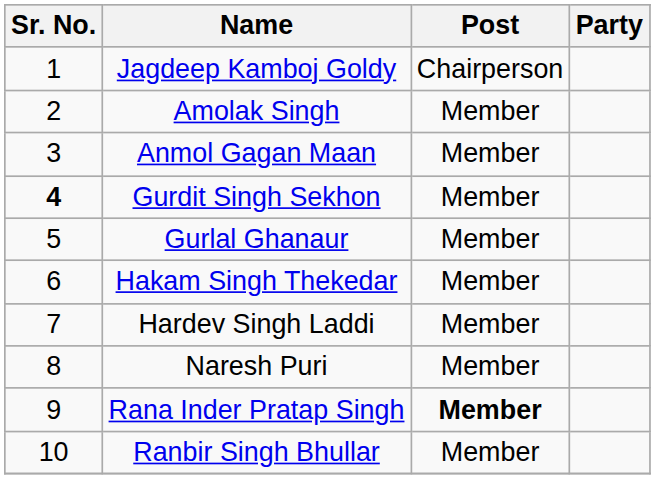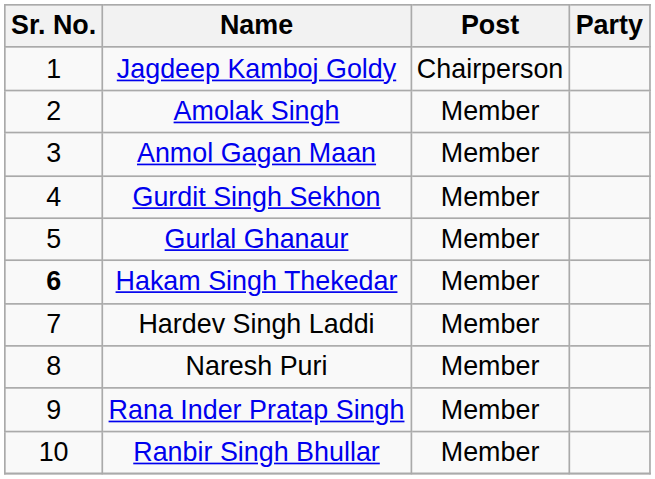 <table class="wikitable sortable">
 <tr>
 <th>Sr. No.</th>
 <th>Name</th>
 <th>Post</th>
 <th colspan="2">Party</th>
 </tr>
 <tr align="center">
 <td>1</td>
 <td><a href='#'>Jagdeep Kamboj Goldy</a></td>
 <td>Chairperson</td>
 <td></td>
 </tr>
 <tr align="center">
 <td>2</td>
 <td><a href='#'>Amolak Singh</a></td>
 <td>Member</td>
 <td></td>
 </tr>
 <tr align="center">
 <td>3</td>
 <td><a href='#'>Anmol Gagan Maan</a></td>
 <td>Member</td>
 <td></td>
 </tr>
 <tr align="center">
-<td><strong>4</strong></td>
+<td>4</td>
 <td><a href='#'>Gurdit Singh Sekhon</a></td>
 <td>Member</td>
 <td></td>
 </tr>
 <tr align="center">
 <td>5</td>
 <td><a href='#'>Gurlal Ghanaur</a></td>
 <td>Member</td>
 <td></td>
 </tr>
 <tr align="center">
-<td>6</td>
+<td><strong>6</strong></td>
 <td><a href='#'>Hakam Singh Thekedar</a></td>
 <td>Member</td>
 <td></td>
 </tr>
 <tr align="center">
 <td>7</td>
 <td>Hardev Singh Laddi</td>
 <td>Member</td>
 <td></td>
 </tr>
 <tr align="center">
 <td>8</td>
 <td>Naresh Puri</td>
 <td>Member</td>
 <td></td>
 </tr>
 <tr align="center">
 <td>9</td>
 <td><a href='#'>Rana Inder Pratap Singh</a></td>
-<td><strong>Member</strong></td>
+<td>Member</td>
 <td></td>
 </tr>
 <tr align="center">
 <td>10</td>
 <td><a href='#'>Ranbir Singh Bhullar</a></td>
 <td>Member</td>
 <td></td>
 </tr>
 <tr align="center">
 </tr>
 </table>
